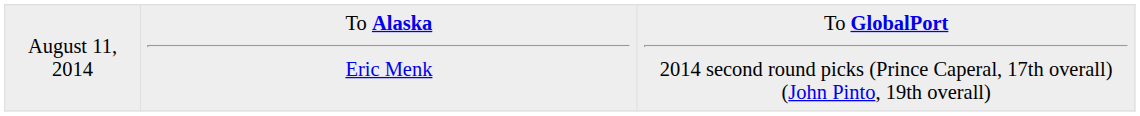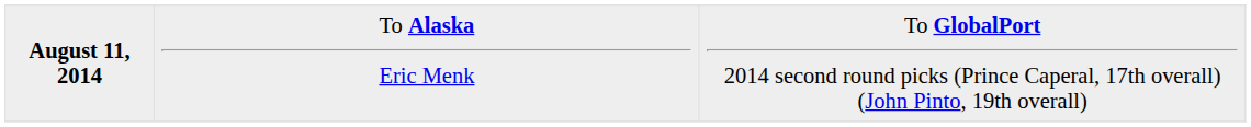 <table border=1 style="border-collapse:collapse; text-align: center; width: 100%" bordercolor="#DFDFDF"  cellpadding="5">
 <tr>
 </tr>
 <tr bgcolor="eeeeee">
-<td style="width:12%">August 11, 2014<br></td>
+<td style="width:12%"><strong>August 11, 2014<br></strong></td>
 <td style="width:44%" valign="top">To <strong><a href='#'>Alaska</a></strong><hr><a href='#'>Eric Menk</a></td>
 <td style="width:44%" valign="top">To <strong><a href='#'>GlobalPort</a></strong><hr>2014 second round picks (Prince Caperal, 17th overall)<br>(<a href='#'>John Pinto</a>, 19th overall)</td>
 </tr>
 </table>
